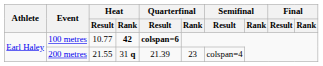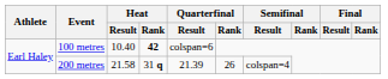 <table class=wikitable style=font-size:90%>
 <tr>
 <th rowspan=2>Athlete</th>
 <th rowspan=2>Event</th>
 <th colspan=2>Heat</th>
 <th colspan=2>Quarterfinal</th>
 <th colspan=2>Semifinal</th>
 <th colspan=2>Final</th>
 </tr>
 <tr style=font-size:95%>
 <th>Result</th>
 <th>Rank</th>
 <th>Result</th>
 <th>Rank</th>
 <th>Result</th>
 <th>Rank</th>
 <th>Result</th>
 <th>Rank</th>
 </tr>
 <tr align=center>
 <td align=left rowspan=2><a href='#'>Earl Haley</a></td>
 <td align=left><a href='#'>100 metres</a></td>
-<td>10.77</td>
+<td>10.40</td>
 <td><strong>42</strong></td>
-<td><strong>colspan=6 </strong></td>
+<td>colspan=6 </td>
 </tr>
 <tr align=center>
 <td align=left><a href='#'>200 metres</a></td>
-<td>21.55</td>
+<td>21.58</td>
 <td>31 <strong>q</strong></td>
 <td>21.39</td>
-<td>23</td>
+<td>26</td>
 <td>colspan=4 </td>
 </tr>
 </table>
